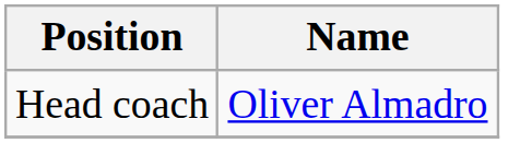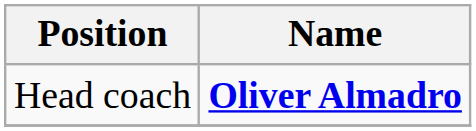 <table class="wikitable">
 <tr>
 <th>Position</th>
 <th>Name</th>
 </tr>
 <tr>
 <td>Head coach</td>
-<td> <a href='#'>Oliver Almadro</a></td>
+<td><strong> <a href='#'>Oliver Almadro</a></strong></td>
 </tr>
 <tr>
 </tr>
 </table>
